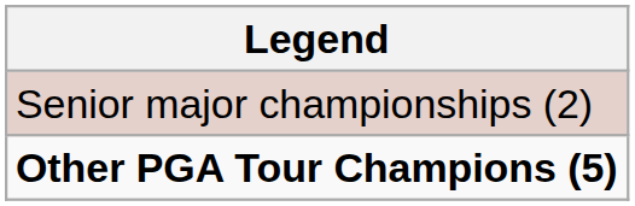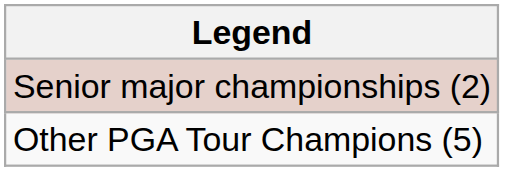 <table class="wikitable" style="font-size:95%;">
 <tr>
 <th>Legend</th>
 </tr>
 <tr style="background:#e5d1cb;">
 <td>Senior major championships (2)</td>
 </tr>
 <tr>
-<td><strong>Other PGA Tour Champions (5)</strong></td>
+<td>Other PGA Tour Champions (5)</td>
 </tr>
 </table>
